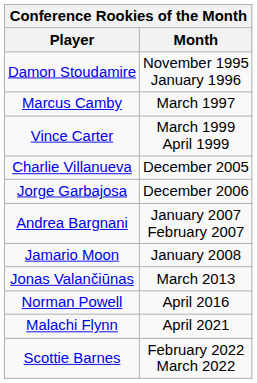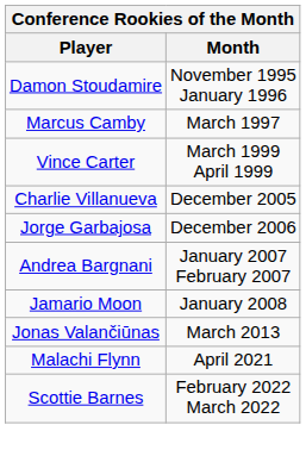 <table class="wikitable" style="text-align:center">
 <tr>
 <th colspan="2">Conference Rookies of the Month</th>
 </tr>
 <tr>
 <th>Player</th>
 <th>Month</th>
 </tr>
 <tr>
 <td><a href='#'>Damon Stoudamire</a></td>
 <td>November 1995<br>January 1996</td>
 </tr>
 <tr>
 <td><a href='#'>Marcus Camby</a></td>
 <td>March 1997</td>
 </tr>
 <tr>
 <td><a href='#'>Vince Carter</a></td>
 <td>March 1999<br>April 1999</td>
 </tr>
 <tr>
 <td><a href='#'>Charlie Villanueva</a></td>
 <td>December 2005</td>
 </tr>
 <tr>
 <td><a href='#'>Jorge Garbajosa</a></td>
 <td>December 2006</td>
 </tr>
 <tr>
 <td><a href='#'>Andrea Bargnani</a></td>
 <td>January 2007<br>February 2007</td>
 </tr>
 <tr>
 <td><a href='#'>Jamario Moon</a></td>
 <td>January 2008</td>
 </tr>
 <tr>
 <td><a href='#'>Jonas Valančiūnas</a></td>
 <td>March 2013</td>
 </tr>
 <tr>
-<td><a href='#'>Norman Powell</a></td>
-<td>April 2016</td>
-</tr>
-<tr>
 <td><a href='#'>Malachi Flynn</a></td>
 <td>April 2021</td>
 </tr>
 <tr>
 <td><a href='#'>Scottie Barnes</a></td>
 <td>February 2022<br>March 2022</td>
 </tr>
 </table>
